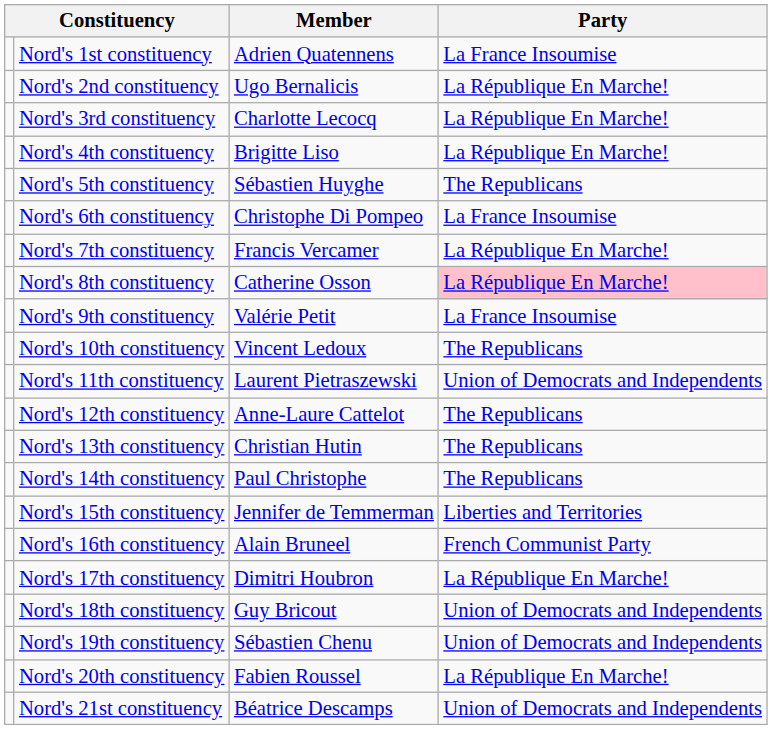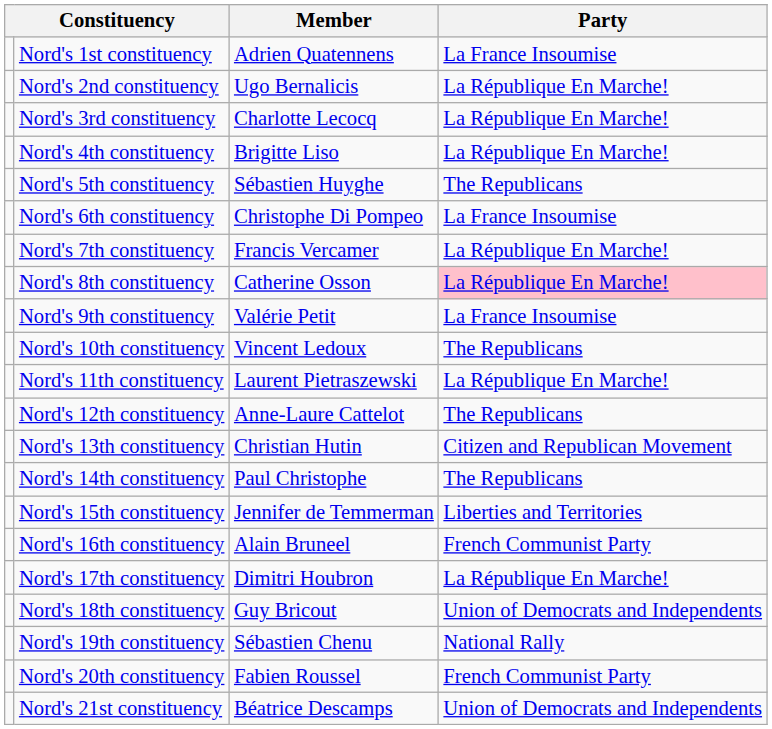 <table class="wikitable">
 <tr>
 <th colspan="2">Constituency</th>
 <th>Member</th>
 <th>Party</th>
 </tr>
 <tr>
 <td style="background-color: "></td>
 <td><a href='#'>Nord's 1st constituency</a></td>
 <td><a href='#'>Adrien Quatennens</a></td>
 <td><a href='#'>La France Insoumise</a></td>
 </tr>
 <tr>
 <td style="background-color: "></td>
 <td><a href='#'>Nord's 2nd constituency</a></td>
 <td><a href='#'>Ugo Bernalicis</a></td>
 <td><a href='#'>La République En Marche!</a></td>
 </tr>
 <tr>
 <td style="background-color: "></td>
 <td><a href='#'>Nord's 3rd constituency</a></td>
 <td><a href='#'>Charlotte Lecocq</a></td>
 <td><a href='#'>La République En Marche!</a></td>
 </tr>
 <tr>
 <td style="background-color: "></td>
 <td><a href='#'>Nord's 4th constituency</a></td>
 <td><a href='#'>Brigitte Liso</a></td>
 <td><a href='#'>La République En Marche!</a></td>
 </tr>
 <tr>
 <td style="background-color: "></td>
 <td><a href='#'>Nord's 5th constituency</a></td>
 <td><a href='#'>Sébastien Huyghe</a></td>
 <td><a href='#'>The Republicans</a></td>
 </tr>
 <tr>
 <td style="background-color: "></td>
 <td><a href='#'>Nord's 6th constituency</a></td>
 <td><a href='#'>Christophe Di Pompeo</a></td>
 <td><a href='#'>La France Insoumise</a></td>
 </tr>
 <tr>
 <td style="background-color: "></td>
 <td><a href='#'>Nord's 7th constituency</a></td>
 <td><a href='#'>Francis Vercamer</a></td>
 <td><a href='#'>La République En Marche!</a></td>
 </tr>
 <tr>
 <td style="background-color: "></td>
 <td><a href='#'>Nord's 8th constituency</a></td>
 <td><a href='#'>Catherine Osson</a></td>
 <td style="background: pink;"><a href='#'>La République En Marche!</a></td>
 </tr>
 <tr>
 <td style="background-color: "></td>
 <td><a href='#'>Nord's 9th constituency</a></td>
 <td><a href='#'>Valérie Petit</a></td>
 <td><a href='#'>La France Insoumise</a></td>
 </tr>
 <tr>
 <td style="background-color: "></td>
 <td><a href='#'>Nord's 10th constituency</a></td>
 <td><a href='#'>Vincent Ledoux</a></td>
 <td><a href='#'>The Republicans</a></td>
 </tr>
 <tr>
 <td style="background-color: "></td>
 <td><a href='#'>Nord's 11th constituency</a></td>
 <td><a href='#'>Laurent Pietraszewski</a></td>
-<td><a href='#'>Union of Democrats and Independents</a></td>
+<td><a href='#'>La République En Marche!</a></td>
 </tr>
 <tr>
 <td style="background-color: "></td>
 <td><a href='#'>Nord's 12th constituency</a></td>
 <td><a href='#'>Anne-Laure Cattelot</a></td>
 <td><a href='#'>The Republicans</a></td>
 </tr>
 <tr>
 <td style="background-color: "></td>
 <td><a href='#'>Nord's 13th constituency</a></td>
 <td><a href='#'>Christian Hutin</a></td>
-<td><a href='#'>The Republicans</a></td>
+<td><a href='#'>Citizen and Republican Movement</a></td>
 </tr>
 <tr>
 <td style="background-color: "></td>
 <td><a href='#'>Nord's 14th constituency</a></td>
 <td><a href='#'>Paul Christophe</a></td>
 <td><a href='#'>The Republicans</a></td>
 </tr>
 <tr>
 <td style="background-color: "></td>
 <td><a href='#'>Nord's 15th constituency</a></td>
 <td><a href='#'>Jennifer de Temmerman</a></td>
 <td><a href='#'>Liberties and Territories</a></td>
 </tr>
 <tr>
 <td style="background-color: "></td>
 <td><a href='#'>Nord's 16th constituency</a></td>
 <td><a href='#'>Alain Bruneel</a></td>
 <td><a href='#'>French Communist Party</a></td>
 </tr>
 <tr>
 <td style="background-color: "></td>
 <td><a href='#'>Nord's 17th constituency</a></td>
 <td><a href='#'>Dimitri Houbron</a></td>
 <td><a href='#'>La République En Marche!</a></td>
 </tr>
 <tr>
 <td style="background-color: "></td>
 <td><a href='#'>Nord's 18th constituency</a></td>
 <td><a href='#'>Guy Bricout</a></td>
 <td><a href='#'>Union of Democrats and Independents</a></td>
 </tr>
 <tr>
 <td style="background-color: "></td>
 <td><a href='#'>Nord's 19th constituency</a></td>
 <td><a href='#'>Sébastien Chenu</a></td>
-<td><a href='#'>Union of Democrats and Independents</a></td>
+<td><a href='#'>National Rally</a></td>
 </tr>
 <tr>
 <td style="background-color: "></td>
 <td><a href='#'>Nord's 20th constituency</a></td>
 <td><a href='#'>Fabien Roussel</a></td>
-<td><a href='#'>La République En Marche!</a></td>
+<td><a href='#'>French Communist Party</a></td>
 </tr>
 <tr>
 <td style="background-color: "></td>
 <td><a href='#'>Nord's 21st constituency</a></td>
 <td><a href='#'>Béatrice Descamps</a></td>
 <td><a href='#'>Union of Democrats and Independents</a></td>
 </tr>
 </table>
